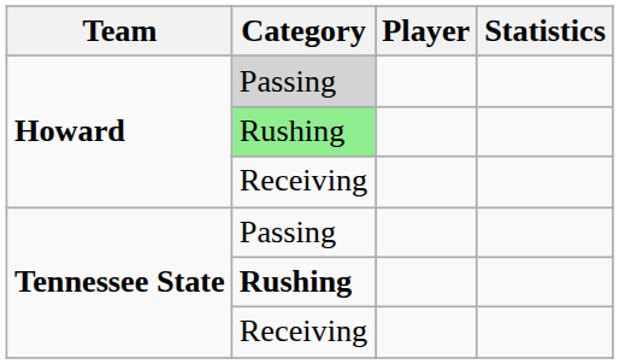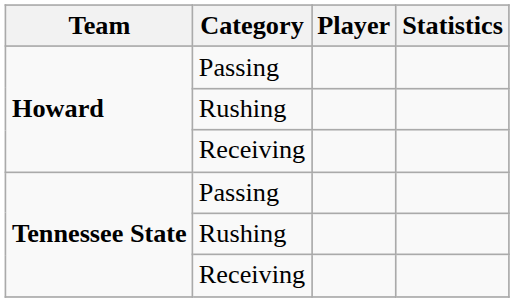 <table class="wikitable" style="float: right;">
 <tr>
 <th>Team</th>
 <th>Category</th>
 <th>Player</th>
 <th>Statistics</th>
 </tr>
 <tr>
 <td rowspan=3><strong>Howard</strong></td>
-<td style="background: lightgrey;">Passing</td>
+<td>Passing</td>
 <td></td>
 <td></td>
 </tr>
 <tr>
-<td style="background: lightgreen;">Rushing</td>
+<td>Rushing</td>
 <td></td>
 <td></td>
 </tr>
 <tr>
 <td>Receiving</td>
 <td></td>
 <td></td>
 </tr>
 <tr>
 <td rowspan=3><strong>Tennessee State</strong></td>
 <td>Passing</td>
 <td></td>
 <td></td>
 </tr>
 <tr>
-<td><strong>Rushing</strong></td>
+<td>Rushing</td>
 <td></td>
 <td></td>
 </tr>
 <tr>
 <td>Receiving</td>
 <td></td>
 <td></td>
 </tr>
 </table>
